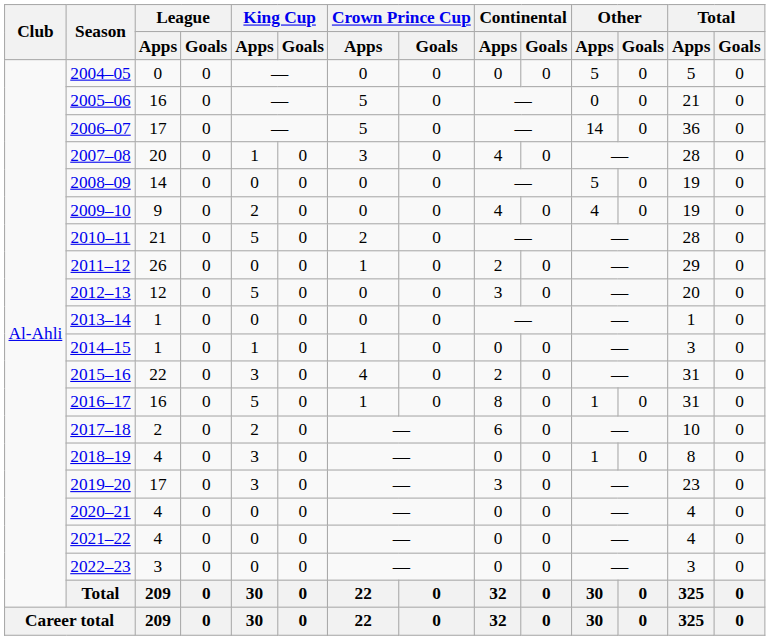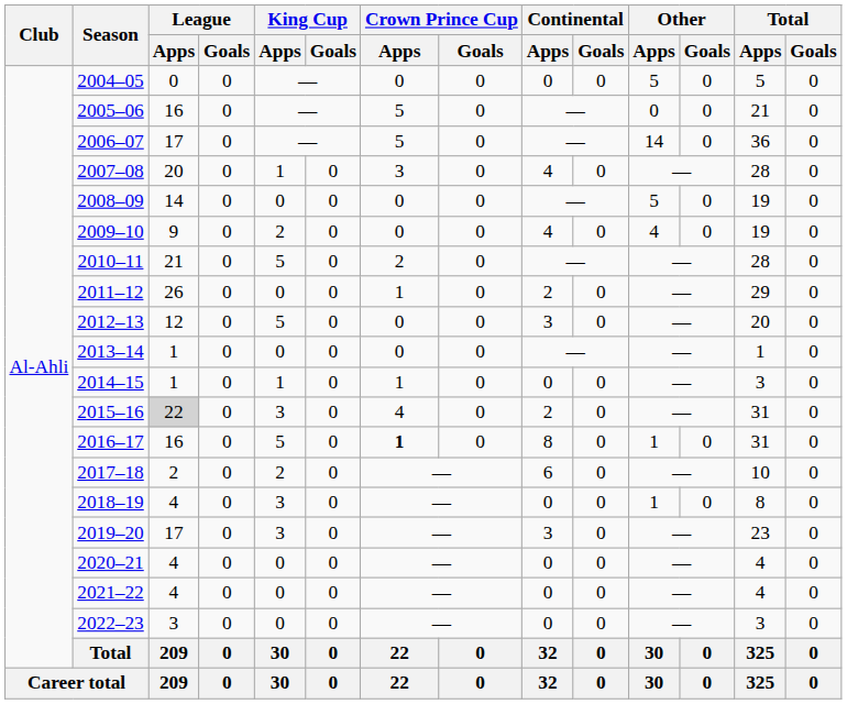 <table class=wikitable style="text-align: center">
 <tr>
 <th rowspan=2>Club</th>
 <th rowspan=2>Season</th>
 <th colspan=2>League</th>
 <th colspan=2><a href='#'>King Cup</a></th>
 <th colspan=2><a href='#'>Crown Prince Cup</a> </th>
 <th colspan=2>Continental</th>
 <th colspan=2>Other</th>
 <th colspan=2>Total</th>
 </tr>
 <tr>
 <th>Apps</th>
 <th>Goals</th>
 <th>Apps</th>
 <th>Goals</th>
 <th>Apps</th>
 <th>Goals</th>
 <th>Apps</th>
 <th>Goals</th>
 <th>Apps</th>
 <th>Goals</th>
 <th>Apps</th>
 <th>Goals</th>
 </tr>
 <tr>
 <td rowspan=20><a href='#'>Al-Ahli</a></td>
 <td><a href='#'>2004–05</a></td>
 <td>0</td>
 <td>0</td>
 <td colspan=2>—</td>
 <td>0</td>
 <td>0</td>
 <td>0</td>
 <td>0</td>
 <td>5</td>
 <td>0</td>
 <td>5</td>
 <td>0</td>
 </tr>
 <tr>
 <td><a href='#'>2005–06</a></td>
 <td>16</td>
 <td>0</td>
 <td colspan=2>—</td>
 <td>5</td>
 <td>0</td>
 <td colspan=2>—</td>
 <td>0</td>
 <td>0</td>
 <td>21</td>
 <td>0</td>
 </tr>
 <tr>
 <td><a href='#'>2006–07</a></td>
 <td>17</td>
 <td>0</td>
 <td colspan=2>—</td>
 <td>5</td>
 <td>0</td>
 <td colspan=2>—</td>
 <td>14</td>
 <td>0</td>
 <td>36</td>
 <td>0</td>
 </tr>
 <tr>
 <td><a href='#'>2007–08</a></td>
 <td>20</td>
 <td>0</td>
 <td>1</td>
 <td>0</td>
 <td>3</td>
 <td>0</td>
 <td>4</td>
 <td>0</td>
 <td colspan=2>—</td>
 <td>28</td>
 <td>0</td>
 </tr>
 <tr>
 <td><a href='#'>2008–09</a></td>
 <td>14</td>
 <td>0</td>
 <td>0</td>
 <td>0</td>
 <td>0</td>
 <td>0</td>
 <td colspan=2>—</td>
 <td>5</td>
 <td>0</td>
 <td>19</td>
 <td>0</td>
 </tr>
 <tr>
 <td><a href='#'>2009–10</a></td>
 <td>9</td>
 <td>0</td>
 <td>2</td>
 <td>0</td>
 <td>0</td>
 <td>0</td>
 <td>4</td>
 <td>0</td>
 <td>4</td>
 <td>0</td>
 <td>19</td>
 <td>0</td>
 </tr>
 <tr>
 <td><a href='#'>2010–11</a></td>
 <td>21</td>
 <td>0</td>
 <td>5</td>
 <td>0</td>
 <td>2</td>
 <td>0</td>
 <td colspan=2>—</td>
 <td colspan=2>—</td>
 <td>28</td>
 <td>0</td>
 </tr>
 <tr>
 <td><a href='#'>2011–12</a></td>
 <td>26</td>
 <td>0</td>
 <td>0</td>
 <td>0</td>
 <td>1</td>
 <td>0</td>
 <td>2</td>
 <td>0</td>
 <td colspan=2>—</td>
 <td>29</td>
 <td>0</td>
 </tr>
 <tr>
 <td><a href='#'>2012–13</a></td>
 <td>12</td>
 <td>0</td>
 <td>5</td>
 <td>0</td>
 <td>0</td>
 <td>0</td>
 <td>3</td>
 <td>0</td>
 <td colspan=2>—</td>
 <td>20</td>
 <td>0</td>
 </tr>
 <tr>
 <td><a href='#'>2013–14</a></td>
 <td>1</td>
 <td>0</td>
 <td>0</td>
 <td>0</td>
 <td>0</td>
 <td>0</td>
 <td colspan=2>—</td>
 <td colspan=2>—</td>
 <td>1</td>
 <td>0</td>
 </tr>
 <tr>
 <td><a href='#'>2014–15</a></td>
 <td>1</td>
 <td>0</td>
 <td>1</td>
 <td>0</td>
 <td>1</td>
 <td>0</td>
 <td>0</td>
 <td>0</td>
 <td colspan=2>—</td>
 <td>3</td>
 <td>0</td>
 </tr>
 <tr>
 <td><a href='#'>2015–16</a></td>
-<td>22</td>
+<td style="background: lightgrey;">22</td>
 <td>0</td>
 <td>3</td>
 <td>0</td>
 <td>4</td>
 <td>0</td>
 <td>2</td>
 <td>0</td>
 <td colspan=2>—</td>
 <td>31</td>
 <td>0</td>
 </tr>
 <tr>
 <td><a href='#'>2016–17</a></td>
 <td>16</td>
 <td>0</td>
 <td>5</td>
 <td>0</td>
-<td>1</td>
+<td><strong>1</strong></td>
 <td>0</td>
 <td>8</td>
 <td>0</td>
 <td>1</td>
 <td>0</td>
 <td>31</td>
 <td>0</td>
 </tr>
 <tr>
 <td><a href='#'>2017–18</a></td>
 <td>2</td>
 <td>0</td>
 <td>2</td>
 <td>0</td>
 <td colspan=2>—</td>
 <td>6</td>
 <td>0</td>
 <td colspan=2>—</td>
 <td>10</td>
 <td>0</td>
 </tr>
 <tr>
 <td><a href='#'>2018–19</a></td>
 <td>4</td>
 <td>0</td>
 <td>3</td>
 <td>0</td>
 <td colspan=2>—</td>
 <td>0</td>
 <td>0</td>
 <td>1</td>
 <td>0</td>
 <td>8</td>
 <td>0</td>
 </tr>
 <tr>
 <td><a href='#'>2019–20</a></td>
 <td>17</td>
 <td>0</td>
 <td>3</td>
 <td>0</td>
 <td colspan=2>—</td>
 <td>3</td>
 <td>0</td>
 <td colspan=2>—</td>
 <td>23</td>
 <td>0</td>
 </tr>
 <tr>
 <td><a href='#'>2020–21</a></td>
 <td>4</td>
 <td>0</td>
 <td>0</td>
 <td>0</td>
 <td colspan=2>—</td>
 <td>0</td>
 <td>0</td>
 <td colspan=2>—</td>
 <td>4</td>
 <td>0</td>
 </tr>
 <tr>
 <td><a href='#'>2021–22</a></td>
 <td>4</td>
 <td>0</td>
 <td>0</td>
 <td>0</td>
 <td colspan=2>—</td>
 <td>0</td>
 <td>0</td>
 <td colspan=2>—</td>
 <td>4</td>
 <td>0</td>
 </tr>
 <tr>
 <td><a href='#'>2022–23</a></td>
 <td>3</td>
 <td>0</td>
 <td>0</td>
 <td>0</td>
 <td colspan=2>—</td>
 <td>0</td>
 <td>0</td>
 <td colspan=2>—</td>
 <td>3</td>
 <td>0</td>
 </tr>
 <tr>
 <th>Total</th>
 <th>209</th>
 <th>0</th>
 <th>30</th>
 <th>0</th>
 <th>22</th>
 <th>0</th>
 <th>32</th>
 <th>0</th>
 <th>30</th>
 <th>0</th>
 <th>325</th>
 <th>0</th>
 </tr>
 <tr>
 <th colspan=2>Career total</th>
 <th>209</th>
 <th>0</th>
 <th>30</th>
 <th>0</th>
 <th>22</th>
 <th>0</th>
 <th>32</th>
 <th>0</th>
 <th>30</th>
 <th>0</th>
 <th>325</th>
 <th>0</th>
 </tr>
 </table>
